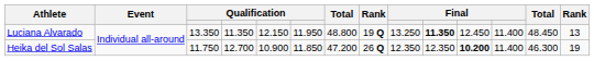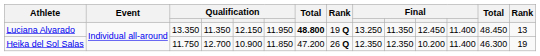 <table class="wikitable" style="font-size:90%">
 <tr>
 <th rowspan=2>Athlete</th>
 <th rowspan=2>Event</th>
 <th colspan=4>Qualification</th>
 <th rowspan=2>Total</th>
 <th rowspan=2>Rank</th>
 <th colspan=4>Final</th>
 <th rowspan=2>Total</th>
 <th rowspan=2>Rank</th>
 </tr>
 <tr style="font-size:95%">
 <th></th>
 <th></th>
 <th></th>
 <th></th>
 <th></th>
 <th></th>
 <th></th>
 <th></th>
 </tr>
 <tr align=center>
 <td align=left><a href='#'>Luciana Alvarado</a></td>
 <td align=left rowspan=2><a href='#'>Individual all-around</a></td>
 <td>13.350</td>
 <td>11.350</td>
 <td>12.150</td>
 <td>11.950</td>
-<td>48.800</td>
+<td><strong>48.800</strong></td>
 <td>19 <strong>Q</strong></td>
 <td>13.250</td>
-<td><strong>11.350</strong></td>
+<td>11.350</td>
 <td>12.450</td>
 <td>11.400</td>
 <td>48.450</td>
 <td>13</td>
 </tr>
 <tr align=center>
 <td align=left><a href='#'>Heika del Sol Salas</a></td>
 <td>11.750</td>
 <td>12.700</td>
 <td>10.900</td>
 <td>11.850</td>
 <td>47.200</td>
 <td>26 <strong>Q</strong></td>
 <td>12.350</td>
 <td>12.350</td>
-<td><strong>10.200</strong></td>
+<td>10.200</td>
 <td>11.400</td>
 <td>46.300</td>
 <td>19</td>
 </tr>
 </table>
